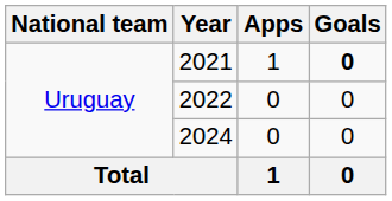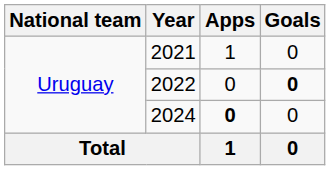 <table class="wikitable" style="text-align:center">
 <tr>
 <th>National team</th>
 <th>Year</th>
 <th>Apps</th>
 <th>Goals</th>
 </tr>
 <tr>
 <td rowspan="3"><a href='#'>Uruguay</a></td>
 <td>2021</td>
 <td>1</td>
-<td><strong>0</strong></td>
+<td>0</td>
 </tr>
 <tr>
 <td>2022</td>
 <td>0</td>
-<td>0</td>
+<td><strong>0</strong></td>
 </tr>
 <tr>
 <td>2024</td>
-<td>0</td>
+<td><strong>0</strong></td>
 <td>0</td>
 </tr>
 <tr>
 <th colspan="2">Total</th>
 <th>1</th>
 <th>0</th>
 </tr>
 </table>
